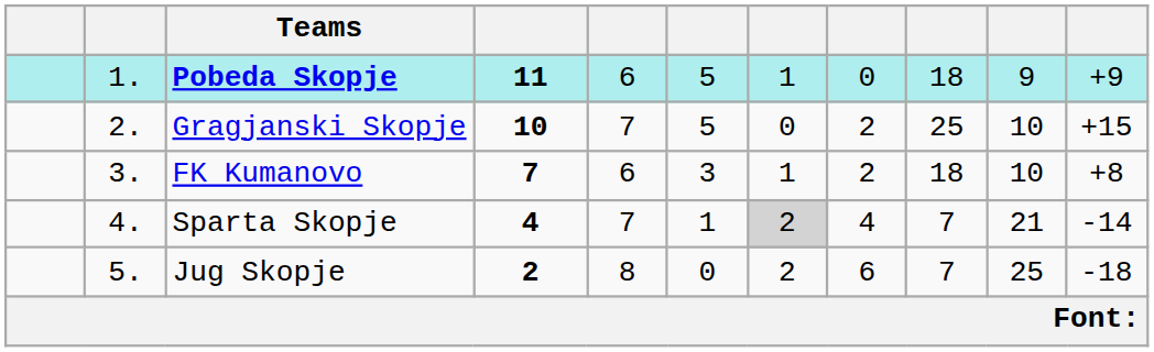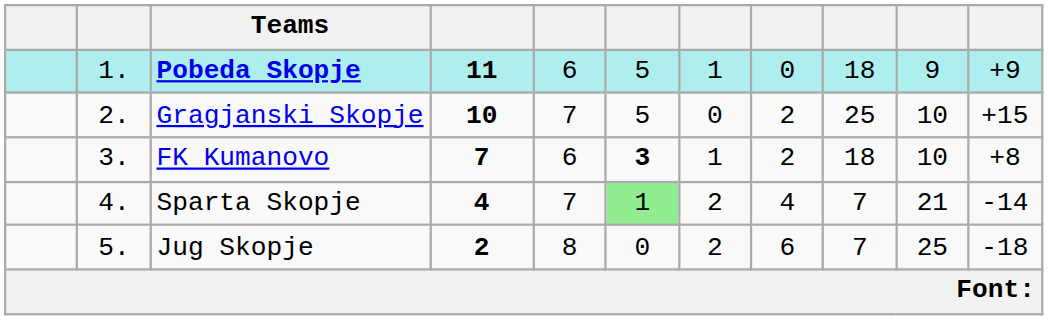 <table class="wikitable sortable" style="text-align: center; font-size: 90%;">
 <tr>
 <th width=7%></th>
 <th width=7%></th>
 <th width=27%>Teams</th>
 <th width=10%></th>
 <th width=7%></th>
 <th width=7%></th>
 <th width=7%></th>
 <th width=7%></th>
 <th width=7%></th>
 <th width=7%></th>
 <th width=7%></th>
 </tr>
 <tr style="background:#AFEEEE;">
 <td></td>
 <td>1.</td>
 <td style="text-align:left;"><strong><a href='#'>Pobeda Skopje</a></strong></td>
 <td><strong>11</strong></td>
 <td>6</td>
 <td>5</td>
 <td>1</td>
 <td>0</td>
 <td>18</td>
 <td>9</td>
 <td>+9</td>
 </tr>
 <tr>
 <td></td>
 <td>2.</td>
 <td style="text-align:left;"><a href='#'>Gragjanski Skopje</a></td>
 <td><strong>10</strong></td>
 <td>7</td>
 <td>5</td>
 <td>0</td>
 <td>2</td>
 <td>25</td>
 <td>10</td>
 <td>+15</td>
 </tr>
 <tr>
 <td></td>
 <td>3.</td>
 <td style="text-align:left;"><a href='#'>FK Kumanovo</a></td>
 <td><strong>7</strong></td>
 <td>6</td>
-<td>3</td>
+<td><strong>3</strong></td>
 <td>1</td>
 <td>2</td>
 <td>18</td>
 <td>10</td>
 <td>+8</td>
 </tr>
 <tr>
 <td></td>
 <td>4.</td>
 <td style="text-align:left;">Sparta Skopje</td>
 <td><strong>4</strong></td>
 <td>7</td>
-<td>1</td>
-<td style="background: lightgrey;">2</td>
+<td style="background: lightgreen;">1</td>
+<td>2</td>
 <td>4</td>
 <td>7</td>
 <td>21</td>
 <td>-14</td>
 </tr>
 <tr>
 <td></td>
 <td>5.</td>
 <td style="text-align:left;">Jug Skopje</td>
 <td><strong>2</strong></td>
 <td>8</td>
 <td>0</td>
 <td>2</td>
 <td>6</td>
 <td>7</td>
 <td>25</td>
 <td>-18</td>
 </tr>
 <tr>
 <th colspan="11" style="text-align: right;">Font: </th>
 </tr>
 </table>
